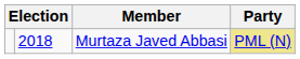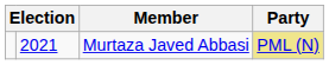 <table class="wikitable">
 <tr>
 <th colspan="2">Election</th>
 <th>Member</th>
 <th>Party</th>
 </tr>
 <tr>
 <td style="background-color: "></td>
-<td><a href='#'>2018</a></td>
+<td><a href='#'>2021</a></td>
 <td><a href='#'>Murtaza Javed Abbasi</a></td>
 <td style="background: khaki;"><a href='#'>PML (N)</a></td>
 </tr>
 </table>
